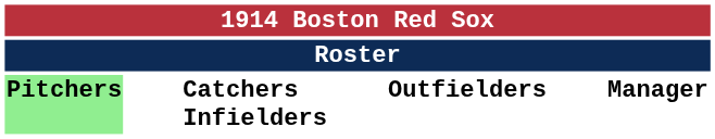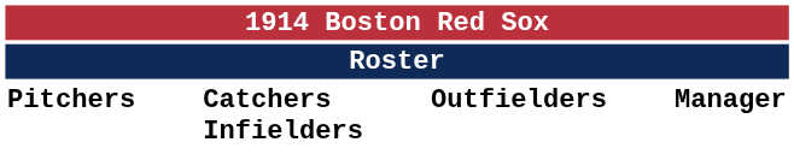 <table class="toccolours" style="text-align: left;">
 <tr>
 <th colspan="10" style="background-color: #ba313c; color: white; text-align: center;">1914 Boston Red Sox</th>
 </tr>
 <tr>
 <td colspan="10" style="background-color:#0d2b56; color: white; text-align: center;"><strong>Roster</strong></td>
 </tr>
 <tr>
-<td valign="top" style="background: lightgreen;"><strong>Pitchers</strong><br>            </td>
+<td valign="top"><strong>Pitchers</strong><br>            </td>
 <td width="25px"></td>
 <td valign="top"><strong>Catchers</strong><br>     <strong>Infielders</strong>         </td>
 <td width="25px"></td>
 <td valign="top"><strong>Outfielders</strong><br>    </td>
 <td width="25px"></td>
 <td valign="top"><strong>Manager</strong><br></td>
 </tr>
 <tr>
 </tr>
 </table>
